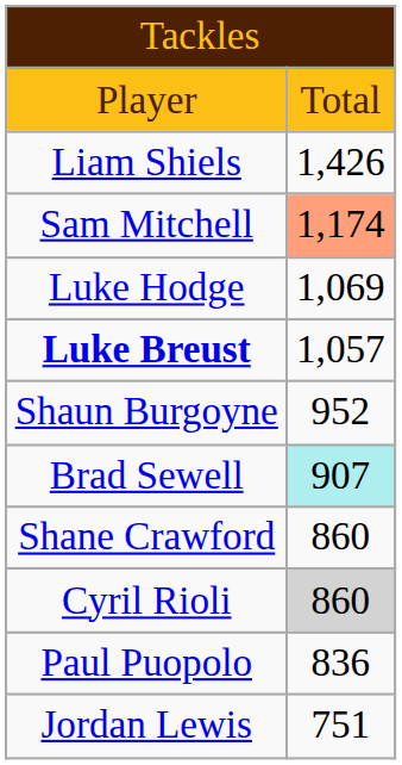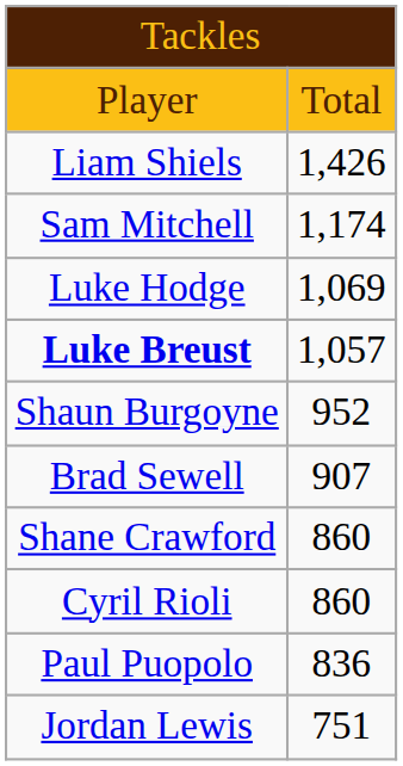 <table class="wikitable" style="text-align:center;">
 <tr>
 <td colspan="2" style="text-align:center; background: #4D2004; color: #FBBF15">Tackles</td>
 </tr>
 <tr>
 <td style="text-align:center; background: #FBBF15; color: #4D2004">Player</td>
 <td style="text-align:center; background: #FBBF15; color: #4D2004">Total</td>
 </tr>
 <tr>
 <td><a href='#'>Liam Shiels</a></td>
 <td>1,426</td>
 </tr>
 <tr>
 <td><a href='#'>Sam Mitchell</a></td>
-<td style="background: lightsalmon;">1,174</td>
+<td>1,174</td>
 </tr>
 <tr>
 <td><a href='#'>Luke Hodge</a></td>
 <td>1,069</td>
 </tr>
 <tr>
 <td><strong><a href='#'>Luke Breust</a></strong></td>
 <td>1,057</td>
 </tr>
 <tr>
 <td><a href='#'>Shaun Burgoyne</a></td>
 <td>952</td>
 </tr>
 <tr>
 <td><a href='#'>Brad Sewell</a></td>
-<td style="background: paleturquoise;">907</td>
+<td>907</td>
 </tr>
 <tr>
 <td><a href='#'>Shane Crawford</a></td>
 <td>860</td>
 </tr>
 <tr>
 <td><a href='#'>Cyril Rioli</a></td>
-<td style="background: lightgrey;">860</td>
+<td>860</td>
 </tr>
 <tr>
 <td><a href='#'>Paul Puopolo</a></td>
 <td>836</td>
 </tr>
 <tr>
 <td><a href='#'>Jordan Lewis</a></td>
 <td>751</td>
 </tr>
 </table>
